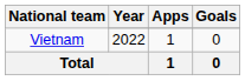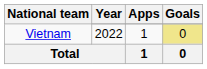 <table class="wikitable" style="text-align: center;">
 <tr>
 <th>National team</th>
 <th>Year</th>
 <th>Apps</th>
 <th>Goals</th>
 </tr>
 <tr>
 <td rowspan=2><a href='#'>Vietnam</a></td>
 </tr>
 <tr>
 <td>2022</td>
 <td>1</td>
-<td>0</td>
+<td style="background: khaki;">0</td>
 </tr>
 <tr>
 <th colspan=2>Total</th>
 <th>1</th>
 <th>0</th>
 </tr>
 </table>
